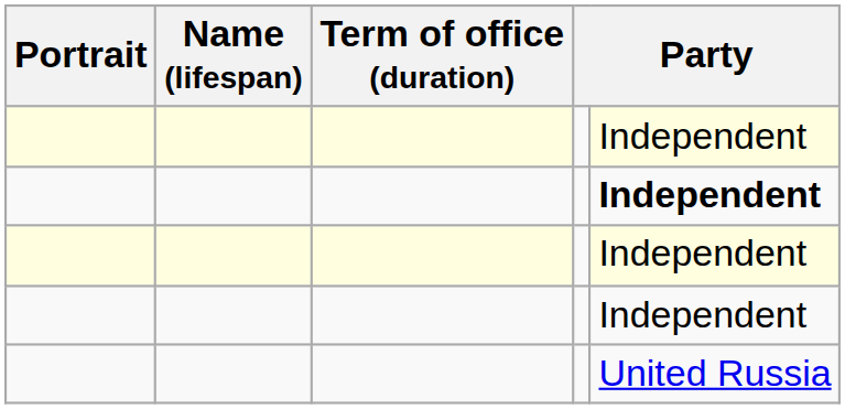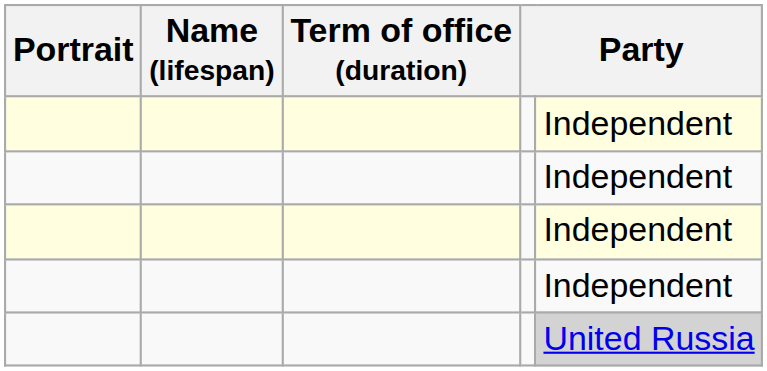 <table class="wikitable">
 <tr>
 <th>Portrait</th>
 <th>Name<br><small>(lifespan)</small></th>
 <th>Term of office<br><small>(duration)</small></th>
 <th colspan=2>Party</th>
 </tr>
 <tr>
 <td style="background:#FFFFE0"></td>
 <td style="background:#FFFFE0"></td>
 <td style="background:#FFFFE0"></td>
 <td style="background-color:"></td>
 <td style="background:#FFFFE0">Independent</td>
 </tr>
 <tr>
 <td></td>
 <td></td>
 <td></td>
 <td style="background-color:"></td>
-<td><strong>Independent</strong></td>
+<td>Independent</td>
 </tr>
 <tr>
 <td style="background:#FFFFE0"></td>
 <td style="background:#FFFFE0"></td>
 <td style="background:#FFFFE0"></td>
 <td style="background-color:"></td>
 <td style="background:#FFFFE0">Independent</td>
 </tr>
 <tr>
 <td></td>
 <td></td>
 <td></td>
 <td style="background-color:"></td>
 <td>Independent</td>
 </tr>
 <tr>
 <td></td>
 <td></td>
 <td></td>
 <td style="background-color:"></td>
-<td><a href='#'>United Russia</a></td>
+<td style="background: lightgrey;"><a href='#'>United Russia</a></td>
 </tr>
 </table>
